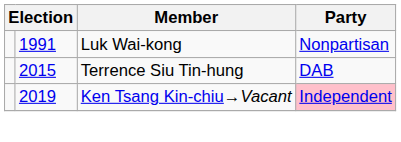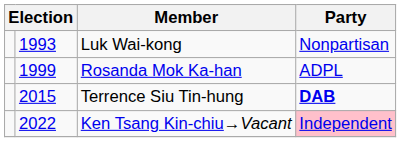 <table class="wikitable">
 <tr>
 <th colspan="2">Election</th>
 <th>Member</th>
 <th>Party</th>
 </tr>
 <tr>
 <td style="background-color:"></td>
-<td><a href='#'>1991</a></td>
+<td><a href='#'>1993</a></td>
 <td>Luk Wai-kong</td>
 <td><a href='#'>Nonpartisan</a></td>
 </tr>
 <tr>
 <td style="background-color:"></td>
-<td><a href='#'>2015</a></td>
-<td>Terrence Siu Tin-hung</td>
-<td><a href='#'>DAB</a></td>
+<td><a href='#'>1999</a></td>
+<td><a href='#'>Rosanda Mok Ka-han</a></td>
+<td><a href='#'>ADPL</a></td>
 </tr>
 <tr>
 <td style="background-color:"></td>
-<td><a href='#'>2019</a></td>
+<td><a href='#'>2015</a></td>
+<td>Terrence Siu Tin-hung</td>
+<td><strong><a href='#'>DAB</a></strong></td>
+</tr>
+<tr>
+<td style="background-color:"></td>
+<td><a href='#'>2022</a></td>
 <td><a href='#'>Ken Tsang Kin-chiu</a>→<em>Vacant</em></td>
 <td style="background: pink;"><a href='#'>Independent</a></td>
 </tr>
 <tr>
 </tr>
 </table>
